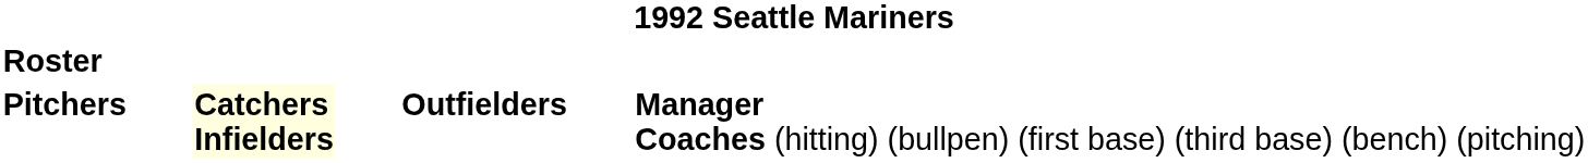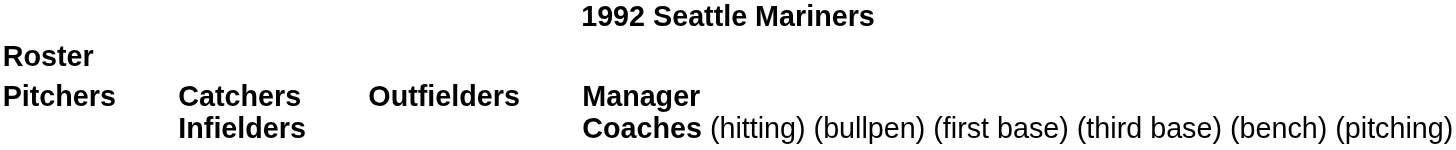 <table class="toccolours" style="font-size: 95%;">
 <tr>
 <th colspan="10">1992 Seattle Mariners</th>
 </tr>
 <tr>
 <td colspan="10"><strong>Roster</strong></td>
 </tr>
 <tr>
 <td valign="top"><strong>Pitchers</strong><br>                      </td>
 <td style="width:25px;"></td>
-<td valign="top" style="background: lightyellow;"><strong>Catchers</strong><br>      <strong>Infielders</strong>           </td>
+<td valign="top"><strong>Catchers</strong><br>      <strong>Infielders</strong>           </td>
 <td style="width:25px;"></td>
 <td valign="top"><strong>Outfielders</strong><br>       </td>
 <td style="width:25px;"></td>
 <td valign="top"><strong>Manager</strong><br> <strong>Coaches</strong>  (hitting)  (bullpen)  (first base)  (third base)  (bench)  (pitching)</td>
 </tr>
 </table>
